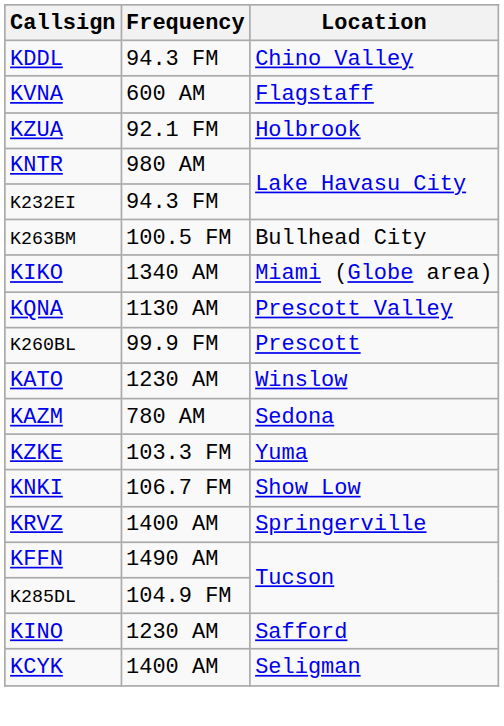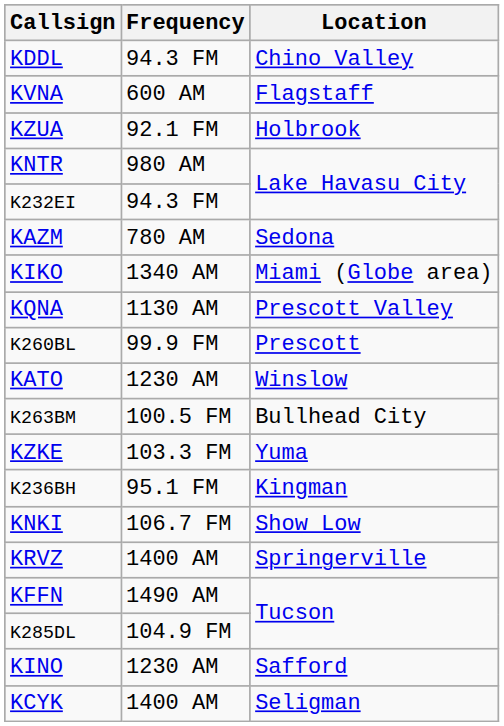 <table class="wikitable">
 <tr>
 <th>Callsign</th>
 <th>Frequency</th>
 <th>Location</th>
 </tr>
 <tr>
 <td><a href='#'>KDDL</a></td>
 <td>94.3 FM</td>
 <td><a href='#'>Chino Valley</a></td>
 </tr>
 <tr>
 <td><a href='#'>KVNA</a></td>
 <td>600 AM</td>
 <td><a href='#'>Flagstaff</a></td>
 </tr>
 <tr>
 <td><a href='#'>KZUA</a></td>
 <td>92.1 FM</td>
 <td><a href='#'>Holbrook</a></td>
 </tr>
 <tr>
 <td><a href='#'>KNTR</a></td>
 <td>980 AM</td>
 <td rowspan=2><a href='#'>Lake Havasu City</a></td>
 </tr>
 <tr>
 <td><small>K232EI</small></td>
 <td>94.3 FM</td>
 </tr>
 <tr>
-<td><small>K263BM</small></td>
-<td>100.5 FM</td>
-<td>Bullhead City</td>
+<td><a href='#'>KAZM</a></td>
+<td>780 AM</td>
+<td><a href='#'>Sedona</a></td>
 </tr>
 <tr>
 <td><a href='#'>KIKO</a></td>
 <td>1340 AM</td>
 <td><a href='#'>Miami</a> (<a href='#'>Globe</a> area)</td>
 </tr>
 <tr>
 <td><a href='#'>KQNA</a></td>
 <td>1130 AM</td>
 <td><a href='#'>Prescott Valley</a></td>
 </tr>
 <tr>
 <td><small>K260BL</small></td>
 <td>99.9 FM</td>
 <td><a href='#'>Prescott</a></td>
 </tr>
 <tr>
 <td><a href='#'>KATO</a></td>
 <td>1230 AM</td>
 <td><a href='#'>Winslow</a></td>
 </tr>
 <tr>
-<td><a href='#'>KAZM</a></td>
-<td>780 AM</td>
-<td><a href='#'>Sedona</a></td>
+<td><small>K263BM</small></td>
+<td>100.5 FM</td>
+<td>Bullhead City</td>
 </tr>
 <tr>
 <td><a href='#'>KZKE</a></td>
 <td>103.3 FM</td>
 <td><a href='#'>Yuma</a></td>
+</tr>
+<tr>
+<td><small>K236BH</small></td>
+<td>95.1 FM</td>
+<td><a href='#'>Kingman</a></td>
 </tr>
 <tr>
 <td><a href='#'>KNKI</a></td>
 <td>106.7 FM</td>
 <td><a href='#'>Show Low</a></td>
 </tr>
 <tr>
 <td><a href='#'>KRVZ</a></td>
 <td>1400 AM</td>
 <td><a href='#'>Springerville</a></td>
 </tr>
 <tr>
 <td><a href='#'>KFFN</a></td>
 <td>1490 AM</td>
 <td rowspan=2><a href='#'>Tucson</a></td>
 </tr>
 <tr>
 <td><small>K285DL</small></td>
 <td>104.9 FM</td>
 </tr>
 <tr>
 <td><a href='#'>KINO</a></td>
 <td>1230 AM</td>
 <td><a href='#'>Safford</a></td>
 </tr>
 <tr>
 <td><a href='#'>KCYK</a></td>
 <td>1400 AM</td>
 <td><a href='#'>Seligman</a></td>
 </tr>
 </table>
